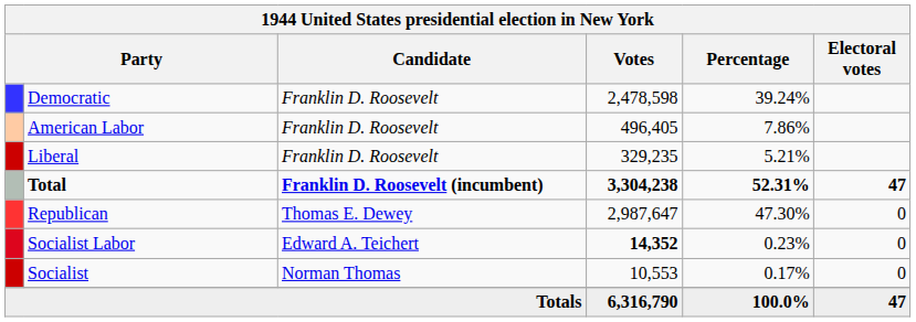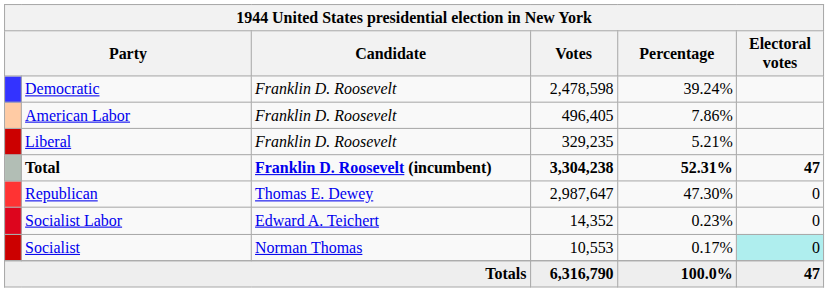 <table class="wikitable" style="font-size: 95%;">
 <tr>
 <th colspan="6">1944 United States presidential election in New York</th>
 </tr>
 <tr>
 <th colspan="2" style="width: 15em">Party</th>
 <th style="width: 17em">Candidate</th>
 <th style="width: 5em">Votes</th>
 <th style="width: 7em">Percentage</th>
 <th style="width: 5em">Electoral votes</th>
 </tr>
 <tr>
 <th style="background-color:#3333FF; width: 3px"></th>
 <td style="width: 130px"><a href='#'>Democratic</a></td>
 <td><em>Franklin D. Roosevelt</em></td>
 <td align="right">2,478,598</td>
 <td align="right">39.24%</td>
 <td align="right"></td>
 </tr>
 <tr>
 <th style="background-color:#FFCBA4; width: 3px"></th>
 <td style="width: 130px"><a href='#'>American Labor</a></td>
 <td><em>Franklin D. Roosevelt</em></td>
 <td align="right">496,405</td>
 <td align="right">7.86%</td>
 <td align="right"></td>
 </tr>
 <tr>
 <th style="background-color:#CC0000; width: 3px:"></th>
 <td style="width: 130px"><a href='#'>Liberal</a></td>
 <td><em>Franklin D. Roosevelt</em></td>
 <td align="right">329,235</td>
 <td align="right">5.21%</td>
 <td align="right"></td>
 </tr>
 <tr>
 <th style="background-color:#B2BEB5; width: 3px"></th>
 <td style="width: 130px"><strong>Total</strong></td>
 <td><strong><a href='#'>Franklin D. Roosevelt</a> (incumbent)</strong></td>
 <td align="right"><strong>3,304,238</strong></td>
 <td align="right"><strong>52.31%</strong></td>
 <td align="right"><strong>47</strong></td>
 </tr>
 <tr>
 <th style="background-color:#FF3333; width: 3px"></th>
 <td style="width: 130px"><a href='#'>Republican</a></td>
 <td><a href='#'>Thomas E. Dewey</a></td>
 <td align="right">2,987,647</td>
 <td align="right">47.30%</td>
 <td align="right">0</td>
 </tr>
 <tr>
 <th style="background-color:#DD051D; width: 3px"></th>
 <td style="width: 130px"><a href='#'>Socialist Labor</a></td>
 <td><a href='#'>Edward A. Teichert</a></td>
-<td align="right"><strong>14,352</strong></td>
+<td align="right">14,352</td>
 <td align="right">0.23%</td>
 <td align="right">0</td>
 </tr>
 <tr>
 <th style="background-color:#CC0000; width: 3px"></th>
 <td style="width: 130px"><a href='#'>Socialist</a></td>
 <td><a href='#'>Norman Thomas</a></td>
 <td align="right">10,553</td>
 <td align="right">0.17%</td>
-<td align="right">0</td>
+<td align="right" style="background: paleturquoise;">0</td>
 </tr>
 <tr>
 </tr>
 <tr bgcolor="#EEEEEE">
 <td colspan="3" align="right"><strong>Totals</strong></td>
 <td align="right"><strong>6,316,790</strong></td>
 <td align="right"><strong>100.0%</strong></td>
 <td align="right"><strong>47</strong></td>
 </tr>
 </table>
